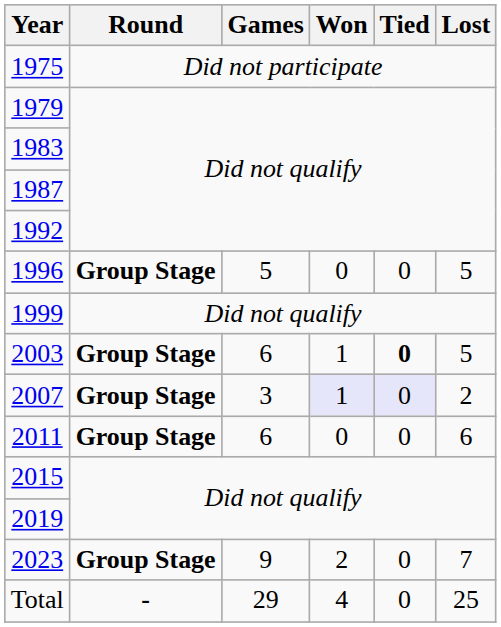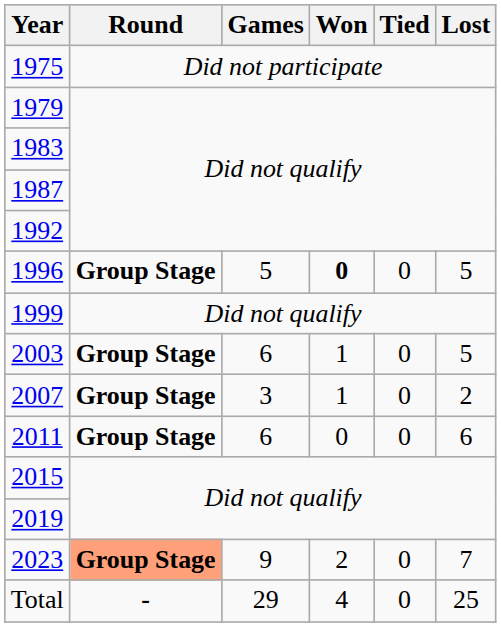 <table class="wikitable" style="text-align: center;">
 <tr>
 <th>Year</th>
 <th>Round</th>
 <th>Games</th>
 <th>Won</th>
 <th>Tied</th>
 <th>Lost</th>
 </tr>
 <tr>
 <td><a href='#'>1975</a></td>
 <td colspan="7"><em>Did not participate</em></td>
 </tr>
 <tr>
 <td><a href='#'>1979</a></td>
 <td colspan="7" rowspan="4"><em>Did not qualify</em></td>
 </tr>
 <tr>
 <td><a href='#'>1983</a></td>
 </tr>
 <tr>
 <td><a href='#'>1987</a></td>
 </tr>
 <tr>
 <td><a href='#'>1992</a></td>
 </tr>
 <tr>
 <td><a href='#'>1996</a></td>
 <td><strong>Group Stage</strong></td>
 <td>5</td>
-<td>0</td>
+<td><strong>0</strong></td>
 <td>0</td>
 <td>5</td>
 </tr>
 <tr>
 <td><a href='#'>1999</a></td>
 <td colspan="7"><em>Did not qualify</em></td>
 </tr>
 <tr>
 <td><a href='#'>2003</a></td>
 <td><strong>Group Stage</strong></td>
 <td>6</td>
 <td>1</td>
-<td><strong>0</strong></td>
+<td>0</td>
 <td>5</td>
 </tr>
 <tr>
 <td><a href='#'>2007</a></td>
 <td><strong>Group Stage</strong></td>
 <td>3</td>
-<td style="background: lavender;">1</td>
-<td style="background: lavender;">0</td>
+<td>1</td>
+<td>0</td>
 <td>2</td>
 </tr>
 <tr>
 <td><a href='#'>2011</a></td>
 <td><strong>Group Stage</strong></td>
 <td>6</td>
 <td>0</td>
 <td>0</td>
 <td>6</td>
 </tr>
 <tr>
 <td><a href='#'>2015</a></td>
 <td colspan="7" rowspan="2"><em>Did not qualify</em></td>
 </tr>
 <tr>
 <td><a href='#'>2019</a></td>
 </tr>
 <tr>
 <td><a href='#'>2023</a></td>
-<td><strong>Group Stage</strong></td>
+<td style="background: lightsalmon;"><strong>Group Stage</strong></td>
 <td>9</td>
 <td>2</td>
 <td>0</td>
 <td>7</td>
 </tr>
 <tr>
 <td>Total</td>
 <td><strong>-</strong></td>
 <td>29</td>
 <td>4</td>
 <td>0</td>
 <td>25</td>
 </tr>
 </table>
